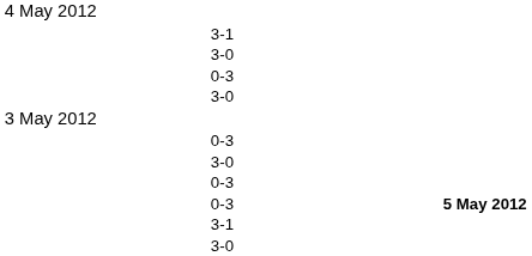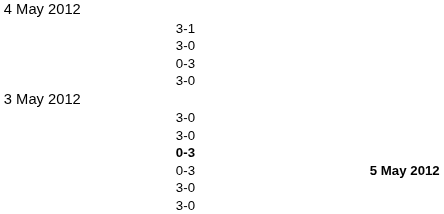 <table style="width:50%;" cellspacing="1">
 <tr>
 <th width=15%></th>
 <th width=10%></th>
 <th width=15%></th>
 </tr>
 <tr>
 <td>4 May 2012</td>
 </tr>
 <tr style=font-size:90%>
 <td align=right></td>
 <td align=center>3-1</td>
 <td></td>
 </tr>
 <tr style=font-size:90%>
 <td align=right></td>
 <td align=center>3-0</td>
 <td></td>
 </tr>
 <tr style=font-size:90%>
 <td align=right></td>
 <td align=center>0-3</td>
 <td></td>
 </tr>
 <tr style=font-size:90%>
 <td align=right></td>
 <td align=center>3-0</td>
 <td></td>
 </tr>
 <tr>
 <td>3 May 2012</td>
 </tr>
 <tr style=font-size:90%>
 <td align=right></td>
-<td align=center>0-3</td>
+<td align=center>3-0</td>
 <td></td>
 </tr>
 <tr style=font-size:90%>
 <td align=right></td>
 <td align=center>3-0</td>
 <td></td>
 </tr>
 <tr style=font-size:90%>
 <td align=right></td>
-<td align=center>0-3</td>
+<td align=center><strong>0-3</strong></td>
 <td></td>
 </tr>
 <tr style=font-size:90%>
 <td align=right></td>
 <td align=center>0-3</td>
 <td></td>
 <td><strong>5 May 2012</strong></td>
 </tr>
 <tr style=font-size:90%>
 <td align=right></td>
-<td align=center>3-1</td>
+<td align=center>3-0</td>
 <td></td>
 </tr>
 <tr style=font-size:90%>
 <td align=right></td>
 <td align=center>3-0</td>
 <td></td>
 </tr>
 </table>
